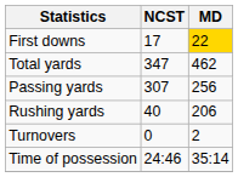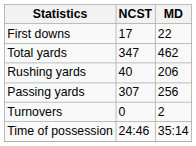 <table class="wikitable">
 <tr>
 <th>Statistics</th>
 <th>NCST</th>
 <th>MD</th>
 </tr>
 <tr>
 <td>First downs</td>
 <td>17</td>
-<td style="background: gold;">22</td>
+<td>22</td>
 </tr>
 <tr>
 <td>Total yards</td>
 <td>347</td>
 <td>462</td>
 </tr>
 <tr>
+<td>Rushing yards</td>
+<td>40</td>
+<td>206</td>
+</tr>
+<tr>
 <td>Passing yards</td>
 <td>307</td>
 <td>256</td>
-</tr>
-<tr>
-<td>Rushing yards</td>
-<td>40</td>
-<td>206</td>
 </tr>
 <tr>
 <td>Turnovers</td>
 <td>0</td>
 <td>2</td>
 </tr>
 <tr>
 <td>Time of possession</td>
 <td>24:46</td>
 <td>35:14</td>
 </tr>
 <tr>
 </tr>
 </table>
